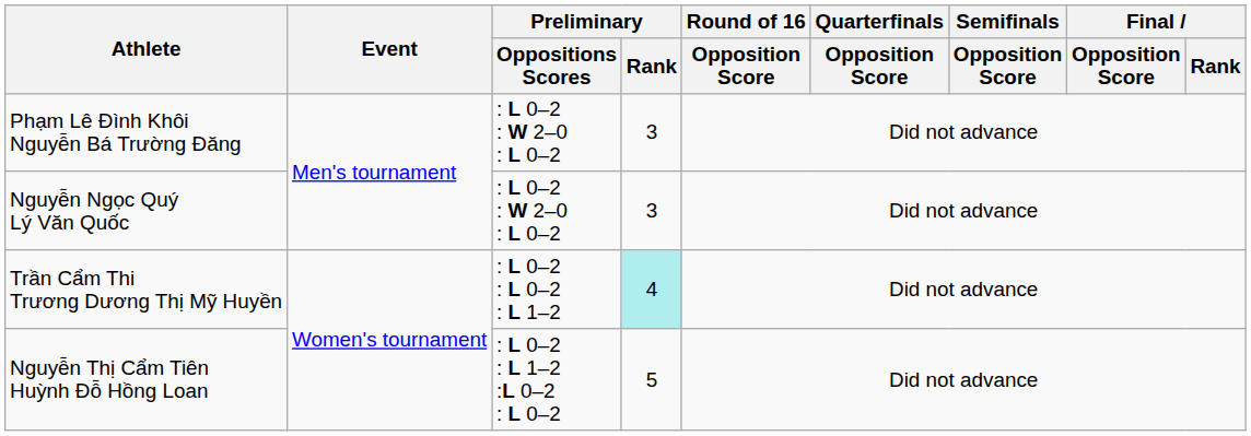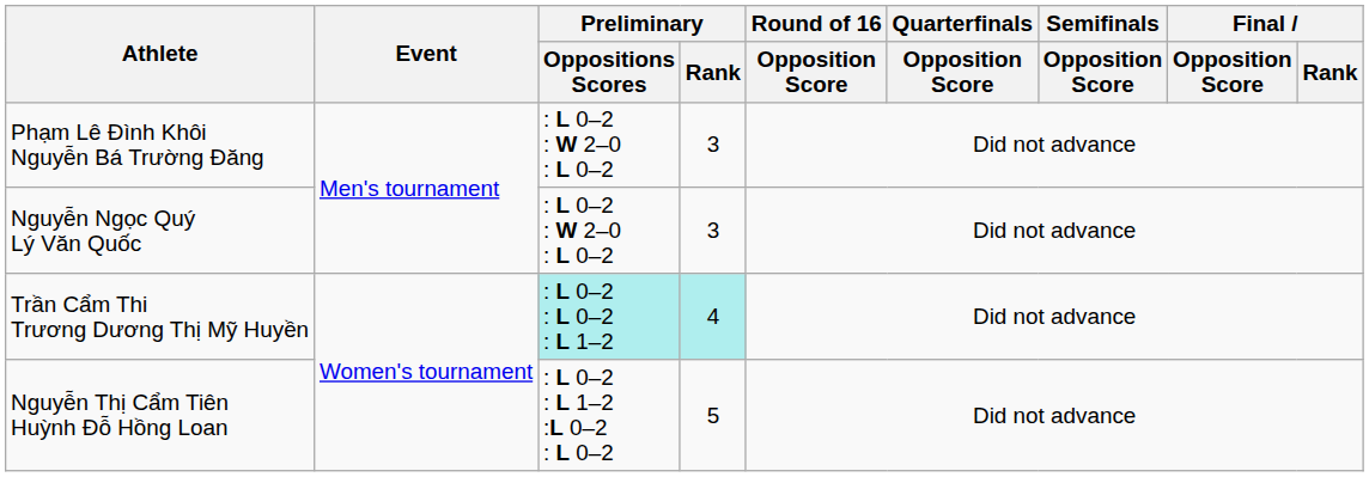 <table class=wikitable style="font-size:90%; text-align:center;">
 <tr>
 <th rowspan=2>Athlete</th>
 <th rowspan=2>Event</th>
 <th colspan=2>Preliminary</th>
 <th>Round of 16</th>
 <th>Quarterfinals</th>
 <th>Semifinals</th>
 <th colspan=2>Final / </th>
 </tr>
 <tr>
 <th>Oppositions<br>Scores</th>
 <th>Rank</th>
 <th>Opposition<br>Score</th>
 <th>Opposition<br>Score</th>
 <th>Opposition<br>Score</th>
 <th>Opposition<br>Score</th>
 <th>Rank</th>
 </tr>
 <tr>
 <td align=left>Phạm Lê Đình Khôi<br>Nguyễn Bá Trường Đăng</td>
 <td align=left rowspan=2><a href='#'>Men's tournament</a></td>
 <td align=left>: <strong>L</strong> 0–2<br>: <strong>W</strong> 2–0<br>: <strong>L</strong> 0–2</td>
 <td>3</td>
 <td colspan=5>Did not advance</td>
 </tr>
 <tr>
 <td align=left>Nguyễn Ngọc Quý<br>Lý Văn Quốc</td>
 <td align=left>: <strong>L</strong> 0–2<br>: <strong>W</strong> 2–0<br>: <strong>L</strong> 0–2</td>
 <td>3</td>
 <td colspan=5>Did not advance</td>
 </tr>
 <tr>
 <td align=left>Trần Cẩm Thi<br>Trương Dương Thị Mỹ Huyền</td>
 <td align=left rowspan=2><a href='#'>Women's tournament</a></td>
-<td align=left>: <strong>L</strong> 0–2<br>: <strong>L</strong> 0–2<br>: <strong>L</strong> 1–2</td>
+<td align=left style="background: paleturquoise;">: <strong>L</strong> 0–2<br>: <strong>L</strong> 0–2<br>: <strong>L</strong> 1–2</td>
 <td style="background: paleturquoise;">4</td>
 <td colspan=5>Did not advance</td>
 </tr>
 <tr>
 <td align=left>Nguyễn Thị Cẩm Tiên<br>Huỳnh Đỗ Hồng Loan</td>
 <td align=left>: <strong>L</strong> 0–2<br>: <strong>L</strong> 1–2<br>:<strong>L</strong> 0–2<br>: <strong>L</strong> 0–2</td>
 <td>5</td>
 <td colspan=5>Did not advance</td>
 </tr>
 </table>
